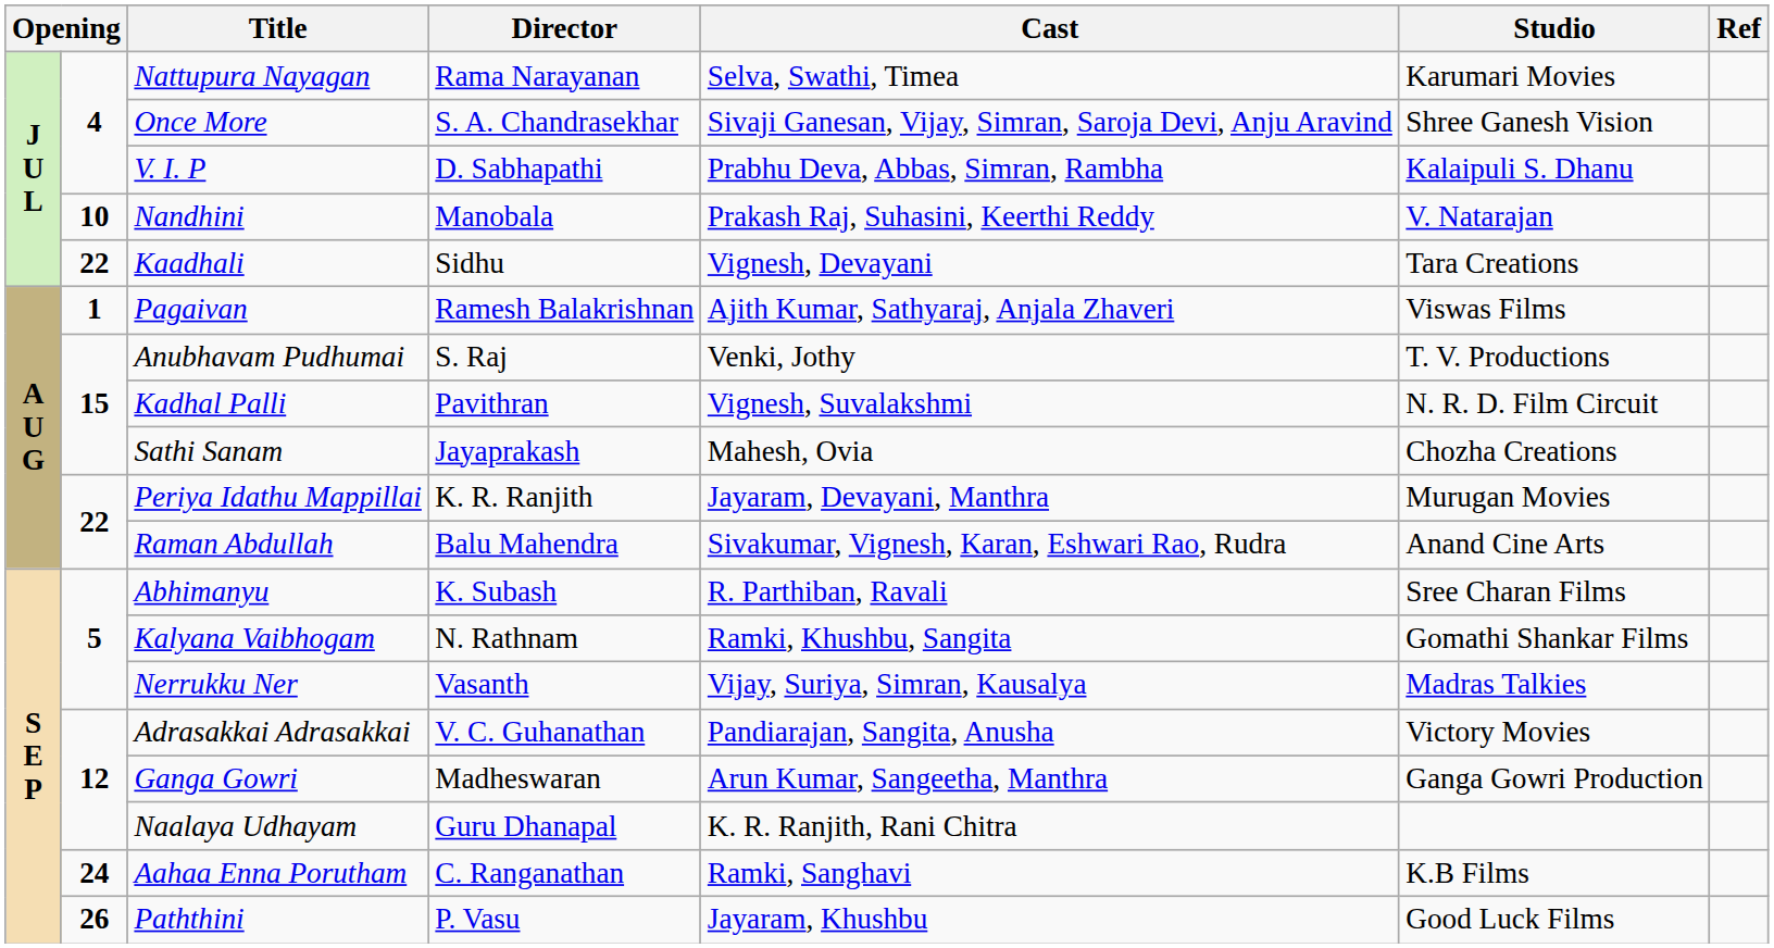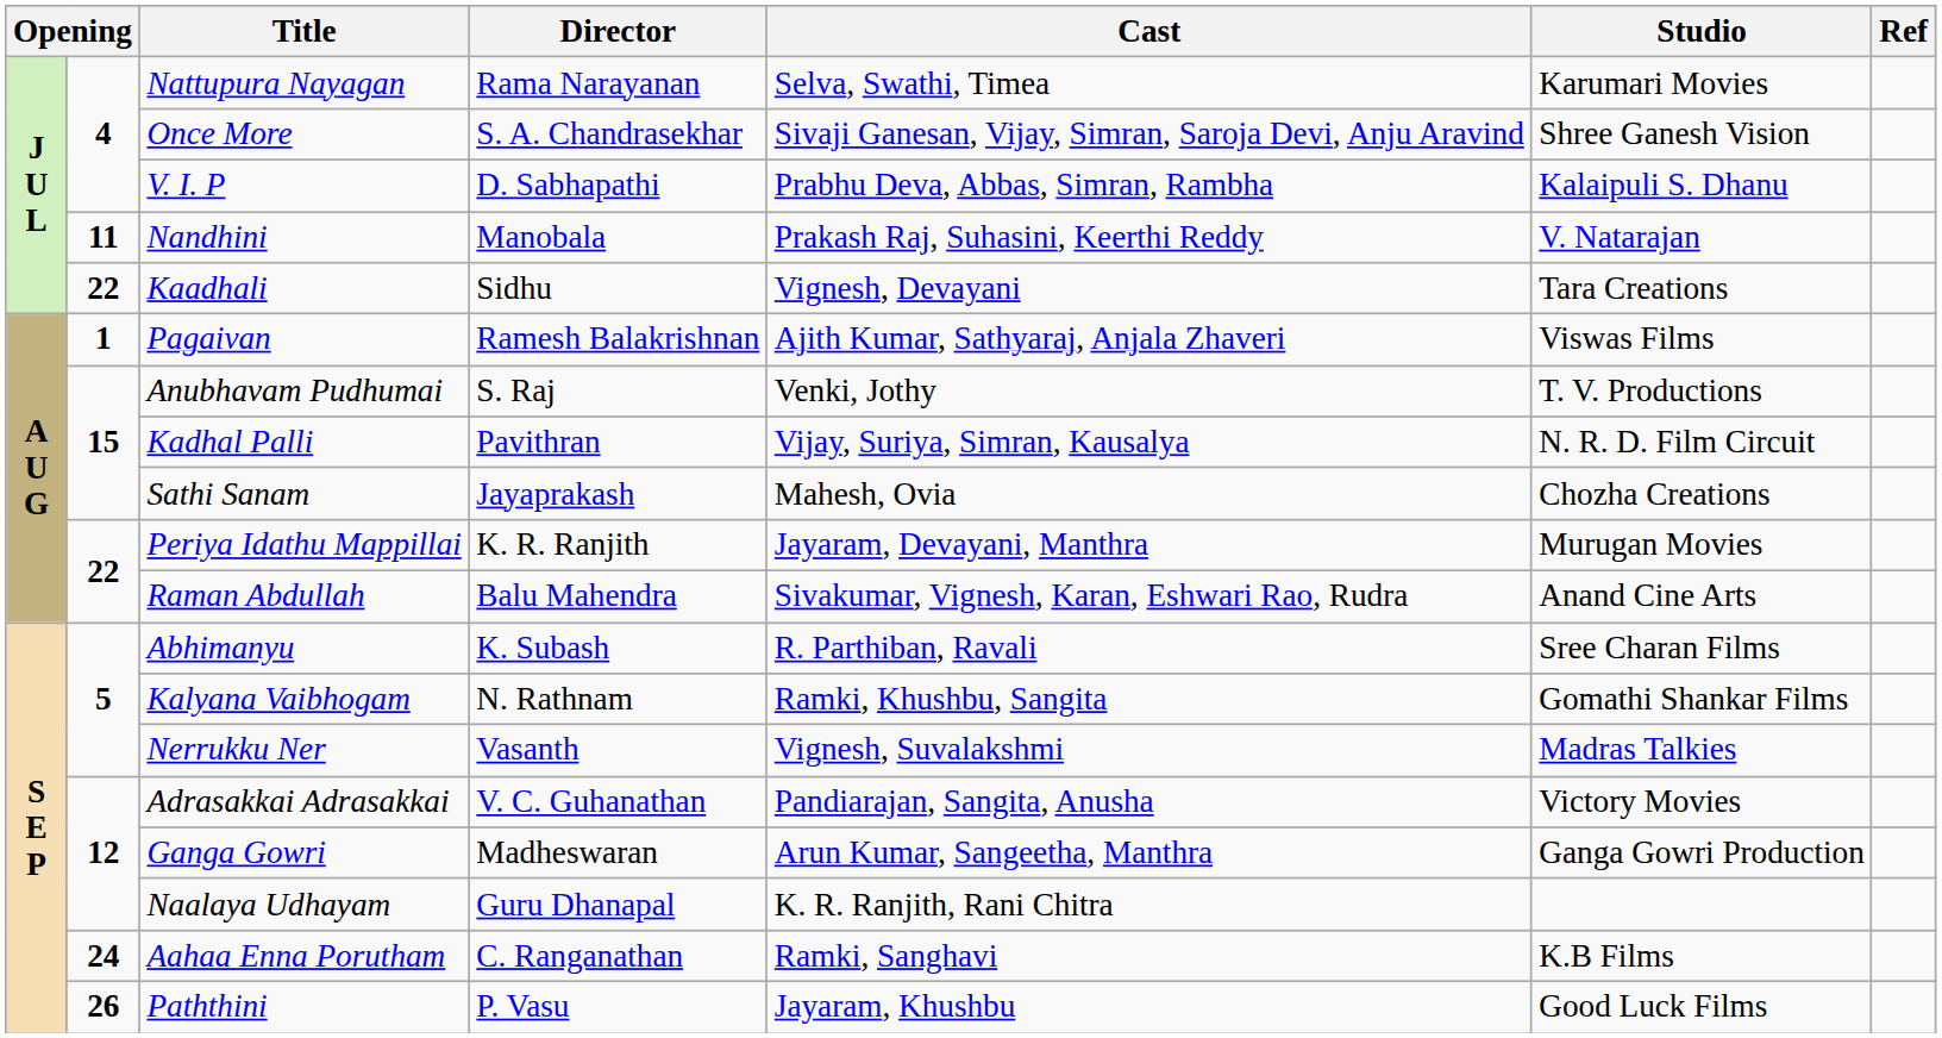 <table class="wikitable">
 <tr>
 <th colspan="2">Opening</th>
 <th>Title</th>
 <th>Director</th>
 <th>Cast</th>
 <th>Studio</th>
 <th>Ref</th>
 </tr>
 <tr July!>
 <td rowspan="5" valign="center" align="center" style="background:	#d0f0c0; textcolor:#000;"><strong>J<br>U<br>L</strong></td>
 <td rowspan="3" align="center"><strong>4</strong></td>
 <td><em><a href='#'>Nattupura Nayagan</a></em></td>
 <td><a href='#'>Rama Narayanan</a></td>
 <td><a href='#'>Selva</a>, <a href='#'>Swathi</a>, Timea</td>
 <td>Karumari Movies</td>
 <td></td>
 </tr>
 <tr>
 <td><em><a href='#'>Once More</a></em></td>
 <td><a href='#'>S. A. Chandrasekhar</a></td>
 <td><a href='#'>Sivaji Ganesan</a>, <a href='#'>Vijay</a>, <a href='#'>Simran</a>, <a href='#'>Saroja Devi</a>, <a href='#'>Anju Aravind</a></td>
 <td>Shree Ganesh Vision</td>
 <td></td>
 </tr>
 <tr>
 <td><em><a href='#'>V. I. P</a> </em></td>
 <td><a href='#'>D. Sabhapathi</a></td>
 <td><a href='#'>Prabhu Deva</a>, <a href='#'>Abbas</a>, <a href='#'>Simran</a>, <a href='#'>Rambha</a></td>
 <td><a href='#'>Kalaipuli S. Dhanu</a></td>
 <td></td>
 </tr>
 <tr>
-<td rowspan="1" align="center"><strong>10</strong></td>
+<td rowspan="1" align="center"><strong>11</strong></td>
 <td><em><a href='#'>Nandhini</a></em></td>
 <td><a href='#'>Manobala</a></td>
 <td><a href='#'>Prakash Raj</a>, <a href='#'>Suhasini</a>, <a href='#'>Keerthi Reddy</a></td>
 <td><a href='#'>V. Natarajan</a></td>
 <td></td>
 </tr>
 <tr>
 <td rowspan="1" align="center"><strong>22</strong></td>
 <td><em><a href='#'>Kaadhali</a></em></td>
 <td>Sidhu</td>
 <td><a href='#'>Vignesh</a>, <a href='#'>Devayani</a></td>
 <td>Tara Creations</td>
 <td></td>
 </tr>
 <tr August!>
 <td rowspan="6" valign="center" align="center" style="background:#C2B280;"><strong>A<br>U<br>G</strong></td>
 <td rowspan="1" align="center"><strong>1</strong></td>
 <td><em><a href='#'>Pagaivan</a></em></td>
 <td><a href='#'>Ramesh Balakrishnan</a></td>
 <td><a href='#'>Ajith Kumar</a>, <a href='#'>Sathyaraj</a>, <a href='#'>Anjala Zhaveri</a></td>
 <td>Viswas Films</td>
 <td></td>
 </tr>
 <tr>
 <td rowspan="3" align="center"><strong>15</strong></td>
 <td><em>Anubhavam Pudhumai</em></td>
 <td>S. Raj</td>
 <td>Venki, Jothy</td>
 <td>T. V. Productions</td>
 <td></td>
 </tr>
 <tr>
 <td><em><a href='#'>Kadhal Palli</a></em></td>
 <td><a href='#'>Pavithran</a></td>
-<td><a href='#'>Vignesh</a>, <a href='#'>Suvalakshmi</a></td>
+<td><a href='#'>Vijay</a>, <a href='#'>Suriya</a>, <a href='#'>Simran</a>, <a href='#'>Kausalya</a></td>
 <td>N. R. D. Film Circuit</td>
 <td></td>
 </tr>
 <tr>
 <td><em>Sathi Sanam</em></td>
 <td><a href='#'>Jayaprakash</a></td>
 <td>Mahesh, Ovia</td>
 <td>Chozha Creations</td>
 <td></td>
 </tr>
 <tr>
 <td rowspan="2" align="center"><strong>22</strong></td>
 <td><em><a href='#'>Periya Idathu Mappillai</a></em></td>
 <td>K. R. Ranjith</td>
 <td><a href='#'>Jayaram</a>, <a href='#'>Devayani</a>, <a href='#'>Manthra</a></td>
 <td>Murugan Movies</td>
 <td></td>
 </tr>
 <tr>
 <td><em><a href='#'>Raman Abdullah</a></em></td>
 <td><a href='#'>Balu Mahendra</a></td>
 <td><a href='#'>Sivakumar</a>, <a href='#'>Vignesh</a>, <a href='#'>Karan</a>, <a href='#'>Eshwari Rao</a>, Rudra</td>
 <td>Anand Cine Arts</td>
 <td></td>
 </tr>
 <tr September!>
 <td rowspan="8" valign="center" align="center" style="background:#F5DEB3; textcolor:#000;"><strong>S<br>E<br>P</strong></td>
 <td rowspan="3" align="center"><strong>5</strong></td>
 <td><em><a href='#'>Abhimanyu</a></em></td>
 <td><a href='#'>K. Subash</a></td>
 <td><a href='#'>R. Parthiban</a>, <a href='#'>Ravali</a></td>
 <td>Sree Charan Films</td>
 <td></td>
 </tr>
 <tr>
 <td><em><a href='#'>Kalyana Vaibhogam</a></em></td>
 <td>N. Rathnam</td>
 <td><a href='#'>Ramki</a>, <a href='#'>Khushbu</a>, <a href='#'>Sangita</a></td>
 <td>Gomathi Shankar Films</td>
 <td></td>
 </tr>
 <tr>
 <td><em><a href='#'>Nerrukku Ner</a></em></td>
 <td><a href='#'>Vasanth</a></td>
-<td><a href='#'>Vijay</a>, <a href='#'>Suriya</a>, <a href='#'>Simran</a>, <a href='#'>Kausalya</a></td>
+<td><a href='#'>Vignesh</a>, <a href='#'>Suvalakshmi</a></td>
 <td><a href='#'>Madras Talkies</a></td>
 <td></td>
 </tr>
 <tr>
 <td rowspan="3" align="center"><strong>12</strong></td>
 <td><em>Adrasakkai Adrasakkai</em></td>
 <td><a href='#'>V. C. Guhanathan</a></td>
 <td><a href='#'>Pandiarajan</a>, <a href='#'>Sangita</a>, <a href='#'>Anusha</a></td>
 <td>Victory Movies</td>
 <td></td>
 </tr>
 <tr>
 <td><em><a href='#'>Ganga Gowri</a></em></td>
 <td>Madheswaran</td>
 <td><a href='#'>Arun Kumar</a>, <a href='#'>Sangeetha</a>, <a href='#'>Manthra</a></td>
 <td>Ganga Gowri Production</td>
 <td></td>
 </tr>
 <tr>
 <td><em>Naalaya Udhayam</em></td>
 <td><a href='#'>Guru Dhanapal</a></td>
 <td>K. R. Ranjith, Rani Chitra</td>
 <td></td>
 <td></td>
 </tr>
 <tr>
 <td rowspan="1" align="center"><strong>24</strong></td>
 <td><em><a href='#'>Aahaa Enna Porutham</a></em></td>
 <td><a href='#'>C. Ranganathan</a></td>
 <td><a href='#'>Ramki</a>, <a href='#'>Sanghavi</a></td>
 <td>K.B Films</td>
 <td></td>
 </tr>
 <tr>
 <td rowspan="1" align="center"><strong>26</strong></td>
 <td><em><a href='#'>Paththini</a></em></td>
 <td><a href='#'>P. Vasu</a></td>
 <td><a href='#'>Jayaram</a>, <a href='#'>Khushbu</a></td>
 <td>Good Luck Films</td>
 <td></td>
 </tr>
 </table>
